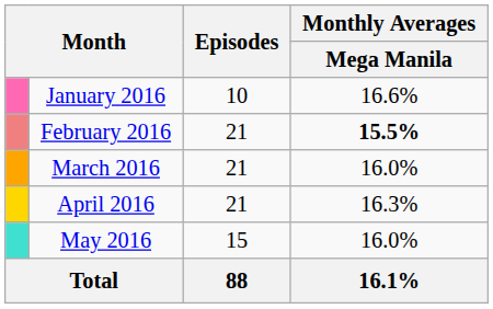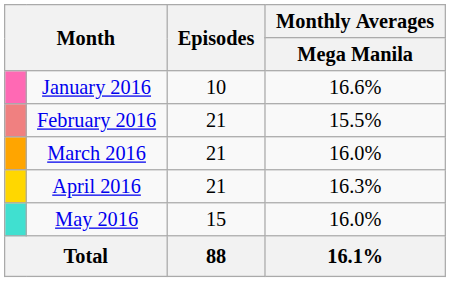 <table class="wikitable plainrowheaders" style="text-align: center; line-height:25px;">
 <tr class="wikitable" style="text-align: center;">
 <th colspan="2" rowspan="2" style="padding: 0 8px;">Month</th>
 <th rowspan="2" style="padding: 0 8px;">Episodes</th>
 <th colspan="2" style="padding: 0 8px;">Monthly Averages</th>
 </tr>
 <tr>
 <th style="padding: 0 8px;">Mega Manila</th>
 </tr>
 <tr>
 <td style="padding: 0 8px; background:#FF69B4;"></td>
 <td style="padding: 0 8px;" '><a href='#'>January 2016</a></td>
 <td style="padding: 0 8px;">10</td>
 <td style="padding: 0 8px;">16.6%</td>
 </tr>
 <tr>
 <td style="padding: 0 8px; background:#F08080;"></td>
 <td style="padding: 0 8px;" '><a href='#'>February 2016</a></td>
 <td style="padding: 0 8px;">21</td>
-<td style="padding: 0 8px;"><strong>15.5%</strong></td>
+<td style="padding: 0 8px;">15.5%</td>
 </tr>
 <tr>
 <td style="padding: 0 8px; background:#FFA500;"></td>
 <td style="padding: 0 8px;" '><a href='#'>March 2016</a></td>
 <td style="padding: 0 8px;">21</td>
 <td style="padding: 0 8px;">16.0%</td>
 </tr>
 <tr>
 <td style="padding: 0 8px; background:#FFD700;"></td>
 <td style="padding: 0 8px;" '><a href='#'>April 2016</a></td>
 <td style="padding: 0 8px;">21</td>
 <td style="padding: 0 8px;">16.3%</td>
 </tr>
 <tr>
 <td style="padding: 0 8px; background:#40E0D0;"></td>
 <td style="padding: 0 8px;" '><a href='#'>May 2016</a></td>
 <td style="padding: 0 8px;">15</td>
 <td style="padding: 0 8px;">16.0%</td>
 </tr>
 <tr>
 <th colspan="2">Total</th>
 <th colspan="1">88</th>
 <th colspan="2">16.1%</th>
 </tr>
 </table>
